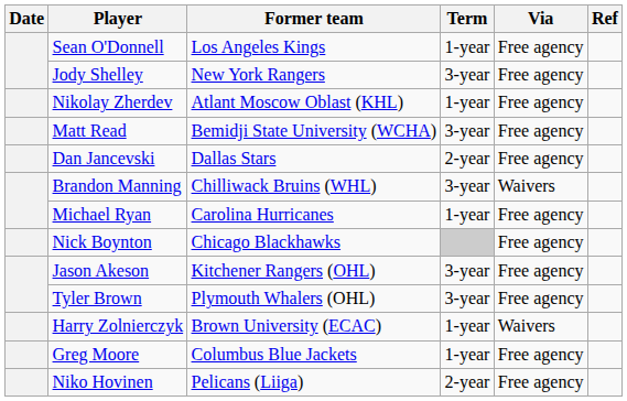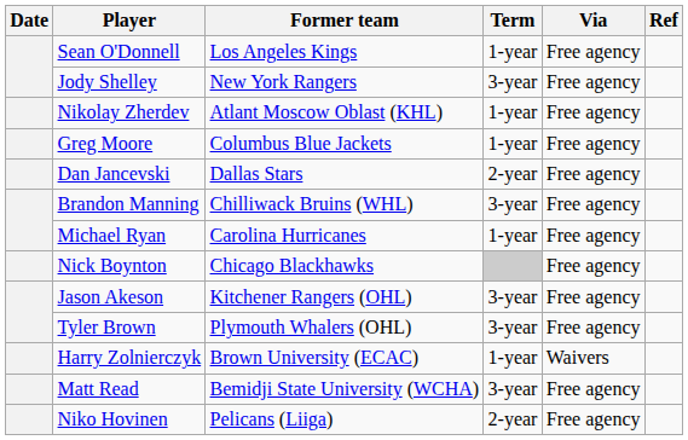 <table class="wikitable plainrowheaders">
 <tr style="background:#ddd; text-align:center;">
 <th>Date</th>
 <th>Player</th>
 <th>Former team</th>
 <th>Term</th>
 <th>Via</th>
 <th>Ref</th>
 </tr>
 <tr>
 <th scope="row" rowspan=2></th>
 <td><a href='#'>Sean O'Donnell</a></td>
 <td><a href='#'>Los Angeles Kings</a></td>
 <td>1-year</td>
 <td>Free agency</td>
 <td></td>
 </tr>
 <tr>
 <td><a href='#'>Jody Shelley</a></td>
 <td><a href='#'>New York Rangers</a></td>
 <td>3-year</td>
 <td>Free agency</td>
 <td></td>
 </tr>
 <tr>
 <th scope="row"></th>
 <td><a href='#'>Nikolay Zherdev</a></td>
 <td><a href='#'>Atlant Moscow Oblast</a> (<a href='#'>KHL</a>)</td>
 <td>1-year</td>
 <td>Free agency</td>
 <td></td>
 </tr>
 <tr>
 <th scope="row"></th>
-<td><a href='#'>Matt Read</a></td>
-<td><a href='#'>Bemidji State University</a> (<a href='#'>WCHA</a>)</td>
-<td>3-year</td>
+<td><a href='#'>Greg Moore</a></td>
+<td><a href='#'>Columbus Blue Jackets</a></td>
+<td>1-year</td>
 <td>Free agency</td>
 <td></td>
 </tr>
 <tr>
 <th scope="row"></th>
 <td><a href='#'>Dan Jancevski</a></td>
 <td><a href='#'>Dallas Stars</a></td>
 <td>2-year</td>
 <td>Free agency</td>
 <td></td>
 </tr>
 <tr>
 <th scope="row" rowspan=2></th>
 <td><a href='#'>Brandon Manning</a></td>
 <td><a href='#'>Chilliwack Bruins</a> (<a href='#'>WHL</a>)</td>
 <td>3-year</td>
-<td>Waivers</td>
+<td>Free agency</td>
 <td></td>
 </tr>
 <tr>
 <td><a href='#'>Michael Ryan</a></td>
 <td><a href='#'>Carolina Hurricanes</a></td>
 <td>1-year</td>
 <td>Free agency</td>
 <td></td>
 </tr>
 <tr>
 <th scope="row"></th>
 <td><a href='#'>Nick Boynton</a></td>
 <td><a href='#'>Chicago Blackhawks</a></td>
 <td style="background:#ccc"></td>
 <td>Free agency</td>
 <td></td>
 </tr>
 <tr>
 <th scope="row" rowspan=2></th>
 <td><a href='#'>Jason Akeson</a></td>
 <td><a href='#'>Kitchener Rangers</a> (<a href='#'>OHL</a>)</td>
 <td>3-year</td>
 <td>Free agency</td>
 <td></td>
 </tr>
 <tr>
 <td><a href='#'>Tyler Brown</a></td>
 <td><a href='#'>Plymouth Whalers</a> (OHL)</td>
 <td>3-year</td>
 <td>Free agency</td>
 <td></td>
 </tr>
 <tr>
 <th scope="row"></th>
 <td><a href='#'>Harry Zolnierczyk</a></td>
 <td><a href='#'>Brown University</a> (<a href='#'>ECAC</a>)</td>
 <td>1-year</td>
 <td>Waivers</td>
 <td></td>
 </tr>
 <tr>
 <th scope="row"></th>
-<td><a href='#'>Greg Moore</a></td>
-<td><a href='#'>Columbus Blue Jackets</a></td>
-<td>1-year</td>
+<td><a href='#'>Matt Read</a></td>
+<td><a href='#'>Bemidji State University</a> (<a href='#'>WCHA</a>)</td>
+<td>3-year</td>
 <td>Free agency</td>
 <td></td>
 </tr>
 <tr>
 <th scope="row"></th>
 <td><a href='#'>Niko Hovinen</a></td>
 <td><a href='#'>Pelicans</a> (<a href='#'>Liiga</a>)</td>
 <td>2-year</td>
 <td>Free agency</td>
 <td></td>
 </tr>
 </table>
